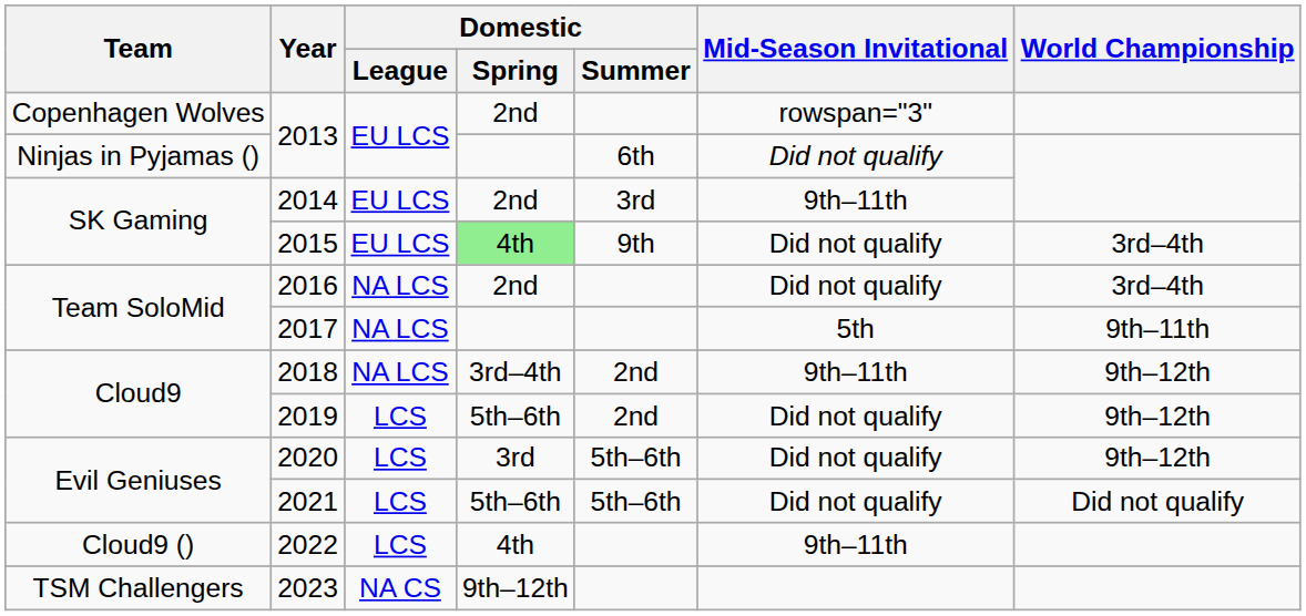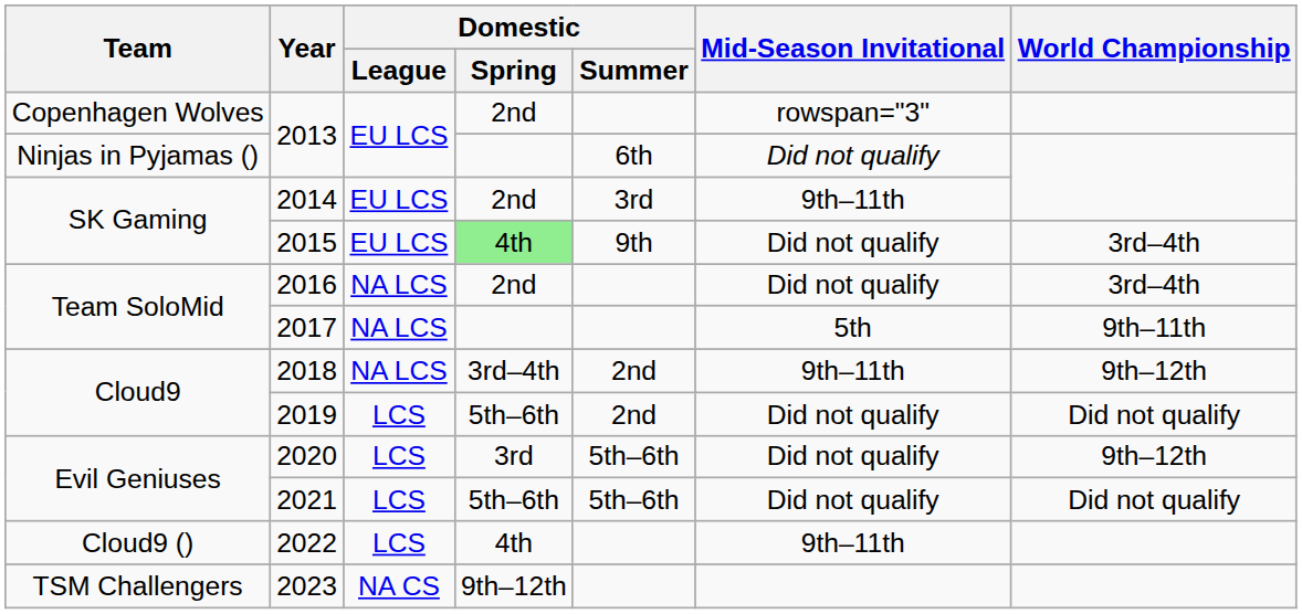 <table class="wikitable" style="font-size:90%; text-align:center;">
 <tr style="background:#f0f6ff;">
 <th rowspan=2>Team</th>
 <th rowspan=2>Year</th>
 <th colspan=3>Domestic</th>
 <th rowspan=2><a href='#'>Mid-Season Invitational</a></th>
 <th rowspan=2><a href='#'>World Championship</a></th>
 </tr>
 <tr>
 <th>League</th>
 <th>Spring</th>
 <th>Summer</th>
 </tr>
 <tr>
 <td>Copenhagen Wolves</td>
 <td rowspan="2">2013</td>
 <td rowspan="2"><a href='#'>EU LCS</a></td>
 <td>2nd</td>
 <td></td>
 <td>rowspan="3" </td>
 <td></td>
 </tr>
 <tr>
 <td>Ninjas in Pyjamas ()</td>
 <td></td>
 <td>6th</td>
 <td><em>Did not qualify</td>
 </tr>
 <tr>
 <td rowspan="2">SK Gaming</td>
 <td>2014</td>
 <td><a href='#'>EU LCS</a></td>
 <td>2nd</td>
 <td>3rd</td>
 <td>9th–11th</td>
 </tr>
 <tr>
 <td>2015</td>
 <td><a href='#'>EU LCS</a></td>
 <td style="background: lightgreen;">4th</td>
 <td>9th</td>
 <td></em>Did not qualify<em></td>
 <td>3rd–4th</td>
 </tr>
 <tr>
 <td rowspan="2">Team SoloMid</td>
 <td>2016</td>
 <td><a href='#'>NA LCS</a></td>
 <td>2nd</td>
 <td></td>
 <td></em>Did not qualify<em></td>
 <td>3rd–4th</td>
 </tr>
 <tr>
 <td>2017</td>
 <td><a href='#'>NA LCS</a></td>
 <td></td>
 <td></td>
 <td>5th</td>
 <td>9th–11th</td>
 </tr>
 <tr>
 <td rowspan="2">Cloud9</td>
 <td>2018</td>
 <td><a href='#'>NA LCS</a></td>
 <td>3rd–4th</td>
 <td>2nd</td>
 <td>9th–11th</td>
 <td>9th–12th</td>
 </tr>
 <tr>
 <td>2019</td>
 <td><a href='#'>LCS</a></td>
 <td>5th–6th</td>
 <td>2nd</td>
 <td></em>Did not qualify<em></td>
-<td>9th–12th</td>
+<td></em>Did not qualify<em></td>
 </tr>
 <tr>
 <td rowspan="2">Evil Geniuses</td>
 <td>2020</td>
 <td><a href='#'>LCS</a></td>
 <td>3rd</td>
 <td>5th–6th</td>
 <td></em>Did not qualify<em></td>
 <td>9th–12th</td>
 </tr>
 <tr>
 <td>2021</td>
 <td><a href='#'>LCS</a></td>
 <td>5th–6th</td>
 <td>5th–6th</td>
 <td></em>Did not qualify<em></td>
 <td></em>Did not qualify<em></td>
 </tr>
 <tr>
 <td>Cloud9 ()</td>
 <td>2022</td>
 <td><a href='#'>LCS</a></td>
 <td>4th</td>
 <td></td>
 <td>9th–11th</td>
 <td></td>
 </tr>
 <tr>
 <td>TSM Challengers</td>
 <td>2023</td>
 <td><a href='#'>NA CS</a></td>
 <td>9th–12th</td>
 <td></td>
 <td></td>
 <td></td>
 </tr>
 </table>
